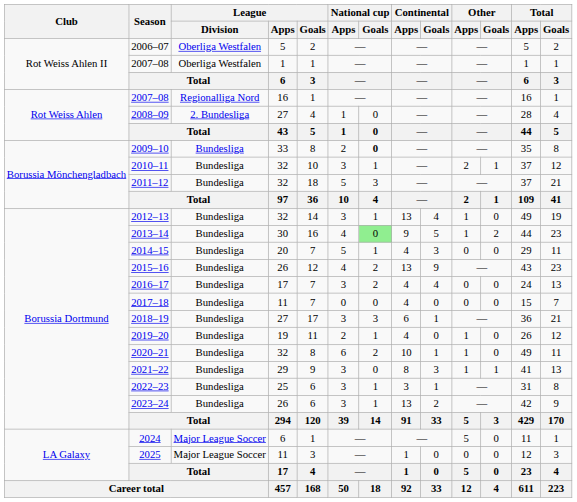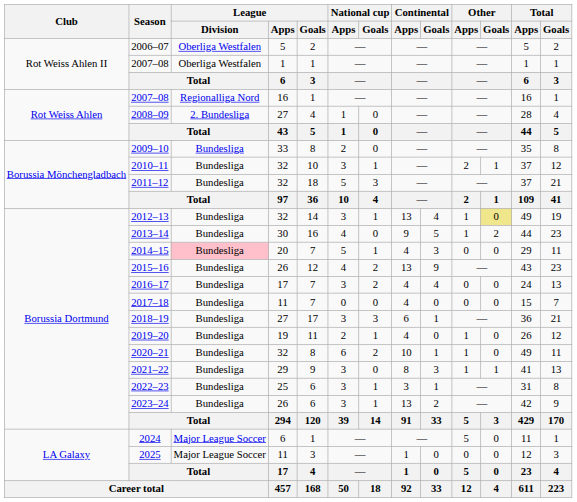 <table class="wikitable" style="text-align: center;">
 <tr>
 <th rowspan="2">Club</th>
 <th rowspan="2">Season</th>
 <th colspan="3">League</th>
 <th colspan="2">National cup</th>
 <th colspan="2">Continental</th>
 <th colspan="2">Other</th>
 <th colspan="2">Total</th>
 </tr>
 <tr>
 <th>Division</th>
 <th>Apps</th>
 <th>Goals</th>
 <th>Apps</th>
 <th>Goals</th>
 <th>Apps</th>
 <th>Goals</th>
 <th>Apps</th>
 <th>Goals</th>
 <th>Apps</th>
 <th>Goals</th>
 </tr>
 <tr>
 <td rowspan="3">Rot Weiss Ahlen II</td>
 <td>2006–07</td>
 <td><a href='#'>Oberliga Westfalen</a></td>
 <td>5</td>
 <td>2</td>
 <td colspan="2">—</td>
 <td colspan="2">—</td>
 <td colspan="2">—</td>
 <td>5</td>
 <td>2</td>
 </tr>
 <tr>
 <td>2007–08</td>
 <td>Oberliga Westfalen</td>
 <td>1</td>
 <td>1</td>
 <td colspan="2">—</td>
 <td colspan="2">—</td>
 <td colspan="2">—</td>
 <td>1</td>
 <td>1</td>
 </tr>
 <tr>
 <th colspan="2">Total</th>
 <th>6</th>
 <th>3</th>
 <th colspan="2">—</th>
 <th colspan="2">—</th>
 <th colspan="2">—</th>
 <th>6</th>
 <th>3</th>
 </tr>
 <tr>
 <td rowspan="3"><a href='#'>Rot Weiss Ahlen</a></td>
 <td><a href='#'>2007–08</a></td>
 <td><a href='#'>Regionalliga Nord</a></td>
 <td>16</td>
 <td>1</td>
 <td colspan="2">—</td>
 <td colspan="2">—</td>
 <td colspan="2">—</td>
 <td>16</td>
 <td>1</td>
 </tr>
 <tr>
 <td><a href='#'>2008–09</a></td>
 <td><a href='#'>2. Bundesliga</a></td>
 <td>27</td>
 <td>4</td>
 <td>1</td>
 <td>0</td>
 <td colspan="2">—</td>
 <td colspan="2">—</td>
 <td>28</td>
 <td>4</td>
 </tr>
 <tr>
 <th colspan="2">Total</th>
 <th>43</th>
 <th>5</th>
 <th>1</th>
 <th>0</th>
 <th colspan="2">—</th>
 <th colspan="2">—</th>
 <th>44</th>
 <th>5</th>
 </tr>
 <tr>
 <td rowspan="4"><a href='#'>Borussia Mönchengladbach</a></td>
 <td><a href='#'>2009–10</a></td>
 <td><a href='#'>Bundesliga</a></td>
 <td>33</td>
 <td>8</td>
 <td>2</td>
-<td><strong>0</strong></td>
+<td>0</td>
 <td colspan="2">—</td>
 <td colspan="2">—</td>
 <td>35</td>
 <td>8</td>
 </tr>
 <tr>
 <td><a href='#'>2010–11</a></td>
 <td>Bundesliga</td>
 <td>32</td>
 <td>10</td>
 <td>3</td>
 <td>1</td>
 <td colspan="2">—</td>
 <td>2</td>
 <td>1</td>
 <td>37</td>
 <td>12</td>
 </tr>
 <tr>
 <td><a href='#'>2011–12</a></td>
 <td>Bundesliga</td>
 <td>32</td>
 <td>18</td>
 <td>5</td>
 <td>3</td>
 <td colspan="2">—</td>
 <td colspan="2">—</td>
 <td>37</td>
 <td>21</td>
 </tr>
 <tr>
 <th colspan="2">Total</th>
 <th>97</th>
 <th>36</th>
 <th>10</th>
 <th>4</th>
 <th colspan="2">—</th>
 <th>2</th>
 <th>1</th>
 <th>109</th>
 <th>41</th>
 </tr>
 <tr>
 <td rowspan="13"><a href='#'>Borussia Dortmund</a></td>
 <td><a href='#'>2012–13</a></td>
 <td>Bundesliga</td>
 <td>32</td>
 <td>14</td>
 <td>3</td>
 <td>1</td>
 <td>13</td>
 <td>4</td>
 <td>1</td>
-<td>0</td>
+<td style="background: khaki;">0</td>
 <td>49</td>
 <td>19</td>
 </tr>
 <tr>
 <td><a href='#'>2013–14</a></td>
 <td>Bundesliga</td>
 <td>30</td>
 <td>16</td>
 <td>4</td>
-<td style="background: lightgreen;">0</td>
+<td>0</td>
 <td>9</td>
 <td>5</td>
 <td>1</td>
 <td>2</td>
 <td>44</td>
 <td>23</td>
 </tr>
 <tr>
 <td><a href='#'>2014–15</a></td>
-<td>Bundesliga</td>
+<td style="background: pink;">Bundesliga</td>
 <td>20</td>
 <td>7</td>
 <td>5</td>
 <td>1</td>
 <td>4</td>
 <td>3</td>
 <td>0</td>
 <td>0</td>
 <td>29</td>
 <td>11</td>
 </tr>
 <tr>
 <td><a href='#'>2015–16</a></td>
 <td>Bundesliga</td>
 <td>26</td>
 <td>12</td>
 <td>4</td>
 <td>2</td>
 <td>13</td>
 <td>9</td>
 <td colspan="2">—</td>
 <td>43</td>
 <td>23</td>
 </tr>
 <tr>
 <td><a href='#'>2016–17</a></td>
 <td>Bundesliga</td>
 <td>17</td>
 <td>7</td>
 <td>3</td>
 <td>2</td>
 <td>4</td>
 <td>4</td>
 <td>0</td>
 <td>0</td>
 <td>24</td>
 <td>13</td>
 </tr>
 <tr>
 <td><a href='#'>2017–18</a></td>
 <td>Bundesliga</td>
 <td>11</td>
 <td>7</td>
 <td>0</td>
 <td>0</td>
 <td>4</td>
 <td>0</td>
 <td>0</td>
 <td>0</td>
 <td>15</td>
 <td>7</td>
 </tr>
 <tr>
 <td><a href='#'>2018–19</a></td>
 <td>Bundesliga</td>
 <td>27</td>
 <td>17</td>
 <td>3</td>
 <td>3</td>
 <td>6</td>
 <td>1</td>
 <td colspan="2">—</td>
 <td>36</td>
 <td>21</td>
 </tr>
 <tr>
 <td><a href='#'>2019–20</a></td>
 <td>Bundesliga</td>
 <td>19</td>
 <td>11</td>
 <td>2</td>
 <td>1</td>
 <td>4</td>
 <td>0</td>
 <td>1</td>
 <td>0</td>
 <td>26</td>
 <td>12</td>
 </tr>
 <tr>
 <td><a href='#'>2020–21</a></td>
 <td>Bundesliga</td>
 <td>32</td>
 <td>8</td>
 <td>6</td>
 <td>2</td>
 <td>10</td>
 <td>1</td>
 <td>1</td>
 <td>0</td>
 <td>49</td>
 <td>11</td>
 </tr>
 <tr>
 <td><a href='#'>2021–22</a></td>
 <td>Bundesliga</td>
 <td>29</td>
 <td>9</td>
 <td>3</td>
 <td>0</td>
 <td>8</td>
 <td>3</td>
 <td>1</td>
 <td>1</td>
 <td>41</td>
 <td>13</td>
 </tr>
 <tr>
 <td><a href='#'>2022–23</a></td>
 <td>Bundesliga</td>
 <td>25</td>
 <td>6</td>
 <td>3</td>
 <td>1</td>
 <td>3</td>
 <td>1</td>
 <td colspan="2">—</td>
 <td>31</td>
 <td>8</td>
 </tr>
 <tr>
 <td><a href='#'>2023–24</a></td>
 <td>Bundesliga</td>
 <td>26</td>
 <td>6</td>
 <td>3</td>
 <td>1</td>
 <td>13</td>
 <td>2</td>
 <td colspan="2">—</td>
 <td>42</td>
 <td>9</td>
 </tr>
 <tr>
 <th colspan="2">Total</th>
 <th>294</th>
 <th>120</th>
 <th>39</th>
 <th>14</th>
 <th>91</th>
 <th>33</th>
 <th>5</th>
 <th>3</th>
 <th>429</th>
 <th>170</th>
 </tr>
 <tr>
 <td rowspan="3"><a href='#'>LA Galaxy</a></td>
 <td><a href='#'>2024</a></td>
 <td><a href='#'>Major League Soccer</a></td>
 <td>6</td>
 <td>1</td>
 <td colspan="2">—</td>
 <td colspan="2">—</td>
 <td>5</td>
 <td>0</td>
 <td>11</td>
 <td>1</td>
 </tr>
 <tr>
 <td><a href='#'>2025</a></td>
 <td>Major League Soccer</td>
 <td>11</td>
 <td>3</td>
 <td colspan="2">—</td>
 <td>1</td>
 <td>0</td>
 <td>0</td>
 <td>0</td>
 <td>12</td>
 <td>3</td>
 </tr>
 <tr>
 <th colspan="2">Total</th>
 <th>17</th>
 <th>4</th>
 <th colspan="2">—</th>
 <th>1</th>
 <th>0</th>
 <th>5</th>
 <th>0</th>
 <th>23</th>
 <th>4</th>
 </tr>
 <tr>
 <th colspan="3">Career total</th>
 <th>457</th>
 <th>168</th>
 <th>50</th>
 <th>18</th>
 <th>92</th>
 <th>33</th>
 <th>12</th>
 <th>4</th>
 <th>611</th>
 <th>223</th>
 </tr>
 </table>
